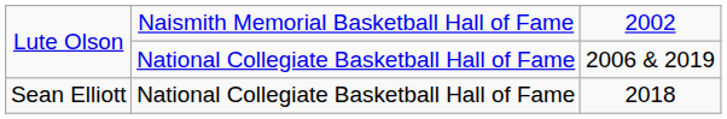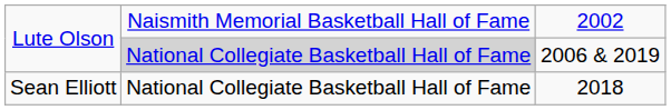 <table class="wikitable" style="text-align:center;">
 <tr>
 <td rowspan=2><a href='#'>Lute Olson</a></td>
 <td><a href='#'>Naismith Memorial Basketball Hall of Fame</a></td>
 <td><a href='#'>2002</a></td>
 </tr>
 <tr>
-<td><a href='#'>National Collegiate Basketball Hall of Fame</a></td>
+<td style="background: lightgrey;"><a href='#'>National Collegiate Basketball Hall of Fame</a></td>
 <td>2006 & 2019</td>
 </tr>
 <tr>
 <td>Sean Elliott</td>
 <td>National Collegiate Basketball Hall of Fame</td>
 <td>2018</td>
 </tr>
 </table>
